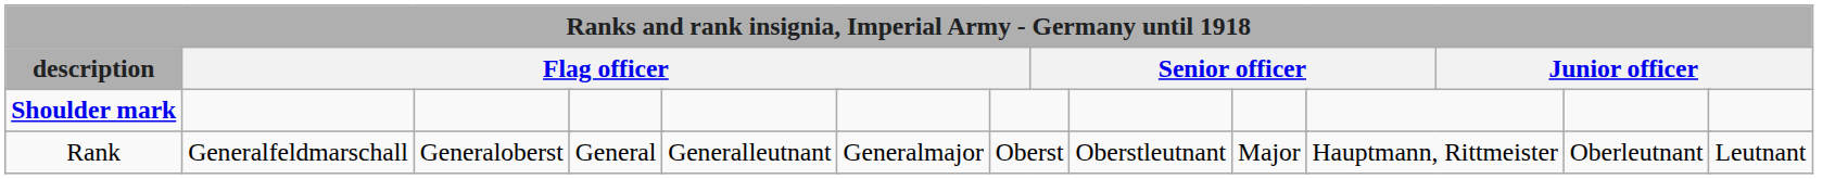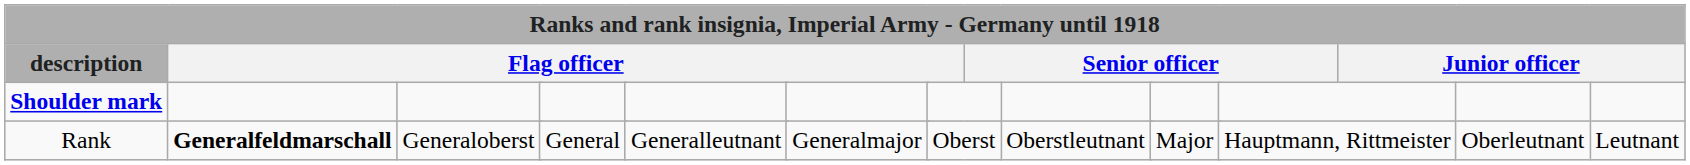 <table class="wikitable" style="font-size: 95%; text-align: center;">
 <tr>
 <th colspan="24" style="background:#AFAFAF; color:#202122;">Ranks and rank insignia, Imperial Army - Germany until 1918</th>
 </tr>
 <tr>
 <th style="background:#AFAFAF; color:#202122;">description</th>
 <th colspan="10"><a href='#'>Flag officer</a></th>
 <th colspan="6"><a href='#'>Senior officer</a></th>
 <th colspan="6"><a href='#'>Junior officer</a></th>
 </tr>
 <tr>
 <td><strong><a href='#'>Shoulder mark</a></strong></td>
 <td></td>
 <td colspan="2"></td>
 <td colspan="2"></td>
 <td colspan="2"></td>
 <td colspan="2"></td>
 <td colspan="2"></td>
 <td colspan="2"></td>
 <td colspan="2"></td>
 <td colspan="2"></td>
 <td colspan="3"></td>
 <td colspan="3"></td>
 </tr>
 <tr>
 <td>Rank</td>
-<td>Generalfeldmarschall</td>
+<td><strong>Generalfeldmarschall</strong></td>
 <td colspan="2">Generaloberst</td>
 <td colspan="2">General</td>
 <td colspan="2">Generalleutnant</td>
 <td colspan="2">Generalmajor</td>
 <td colspan="2">Oberst</td>
 <td colspan="2">Oberstleutnant</td>
 <td colspan="2">Major</td>
 <td colspan="2">Hauptmann, Rittmeister</td>
 <td colspan="3">Oberleutnant</td>
 <td colspan="3">Leutnant</td>
 </tr>
 </table>
